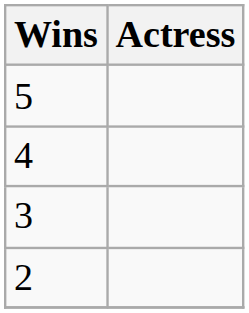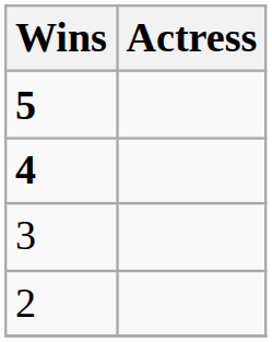 <table class="wikitable">
 <tr>
 <th scope="col">Wins</th>
 <th scope="col">Actress</th>
 </tr>
 <tr>
-<td>5</td>
+<td><strong>5</strong></td>
 <td></td>
 </tr>
 <tr>
-<td>4</td>
+<td><strong>4</strong></td>
 <td></td>
 </tr>
 <tr>
 <td>3</td>
 <td></td>
 </tr>
 <tr>
 <td>2</td>
 <td></td>
 </tr>
 <tr>
 </tr>
 </table>
